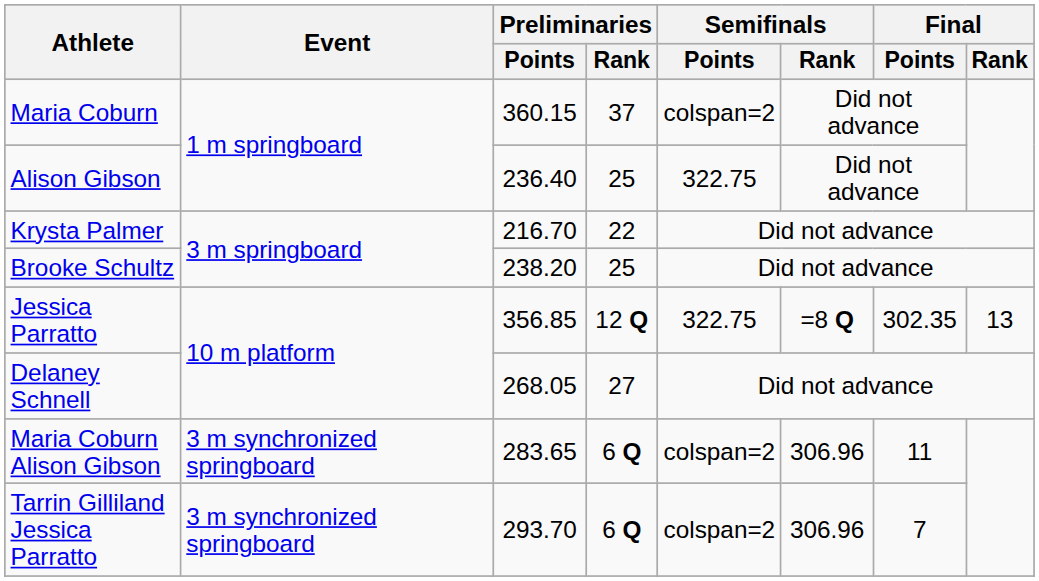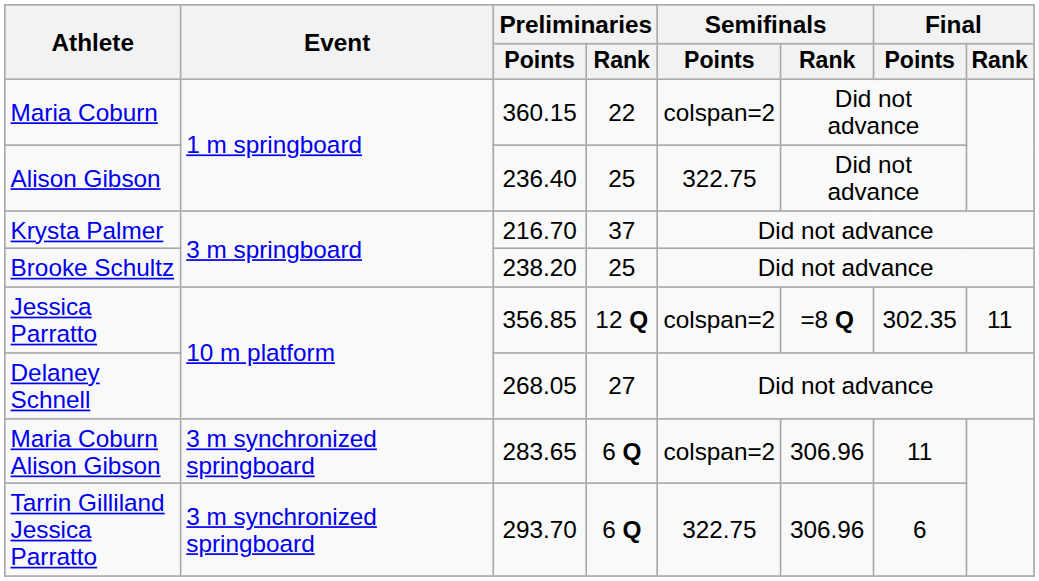 <table class=wikitable style="font-size:90%;">
 <tr>
 <th rowspan="2">Athlete</th>
 <th rowspan="2">Event</th>
 <th colspan="2">Preliminaries</th>
 <th colspan="2">Semifinals</th>
 <th colspan="2">Final</th>
 </tr>
 <tr style="font-size:95%">
 <th>Points</th>
 <th>Rank</th>
 <th>Points</th>
 <th>Rank</th>
 <th>Points</th>
 <th>Rank</th>
 </tr>
 <tr align=center>
 <td align=left><a href='#'>Maria Coburn</a></td>
 <td align=left rowspan=2><a href='#'>1 m springboard</a></td>
 <td>360.15</td>
-<td>37</td>
+<td>22</td>
 <td>colspan=2 </td>
 <td colspan=2>Did not advance</td>
 </tr>
 <tr align=center>
 <td align=left><a href='#'>Alison Gibson</a></td>
 <td>236.40</td>
 <td>25</td>
 <td>322.75</td>
 <td colspan=2>Did not advance</td>
 </tr>
 <tr align=center>
 <td align=left><a href='#'>Krysta Palmer</a></td>
 <td align=left rowspan=2><a href='#'>3 m springboard</a></td>
 <td>216.70</td>
-<td>22</td>
+<td>37</td>
 <td colspan=4>Did not advance</td>
 </tr>
 <tr align=center>
 <td align=left><a href='#'>Brooke Schultz</a></td>
 <td>238.20</td>
 <td>25</td>
 <td colspan=4>Did not advance</td>
 </tr>
 <tr align=center>
 <td align=left><a href='#'>Jessica Parratto</a></td>
 <td align=left rowspan=2><a href='#'>10 m platform</a></td>
 <td>356.85</td>
 <td>12 <strong>Q</strong></td>
-<td>322.75</td>
+<td>colspan=2 </td>
 <td>=8 <strong>Q</strong></td>
 <td>302.35</td>
-<td>13</td>
+<td>11</td>
 </tr>
 <tr align=center>
 <td align=left><a href='#'>Delaney Schnell</a></td>
 <td>268.05</td>
 <td>27</td>
 <td colspan=4>Did not advance</td>
 </tr>
 <tr align=center>
 <td align=left><a href='#'>Maria Coburn</a><br><a href='#'>Alison Gibson</a></td>
 <td align=left><a href='#'>3 m synchronized springboard</a></td>
 <td>283.65</td>
 <td>6 <strong>Q</strong></td>
 <td>colspan=2 </td>
 <td>306.96</td>
 <td>11</td>
 </tr>
 <tr align=center>
 <td align=left><a href='#'>Tarrin Gilliland</a><br><a href='#'>Jessica Parratto</a></td>
 <td align=left><a href='#'>3 m synchronized springboard</a></td>
 <td>293.70</td>
 <td>6 <strong>Q</strong></td>
-<td>colspan=2 </td>
+<td>322.75</td>
 <td>306.96</td>
-<td>7</td>
+<td>6</td>
 </tr>
 </table>
